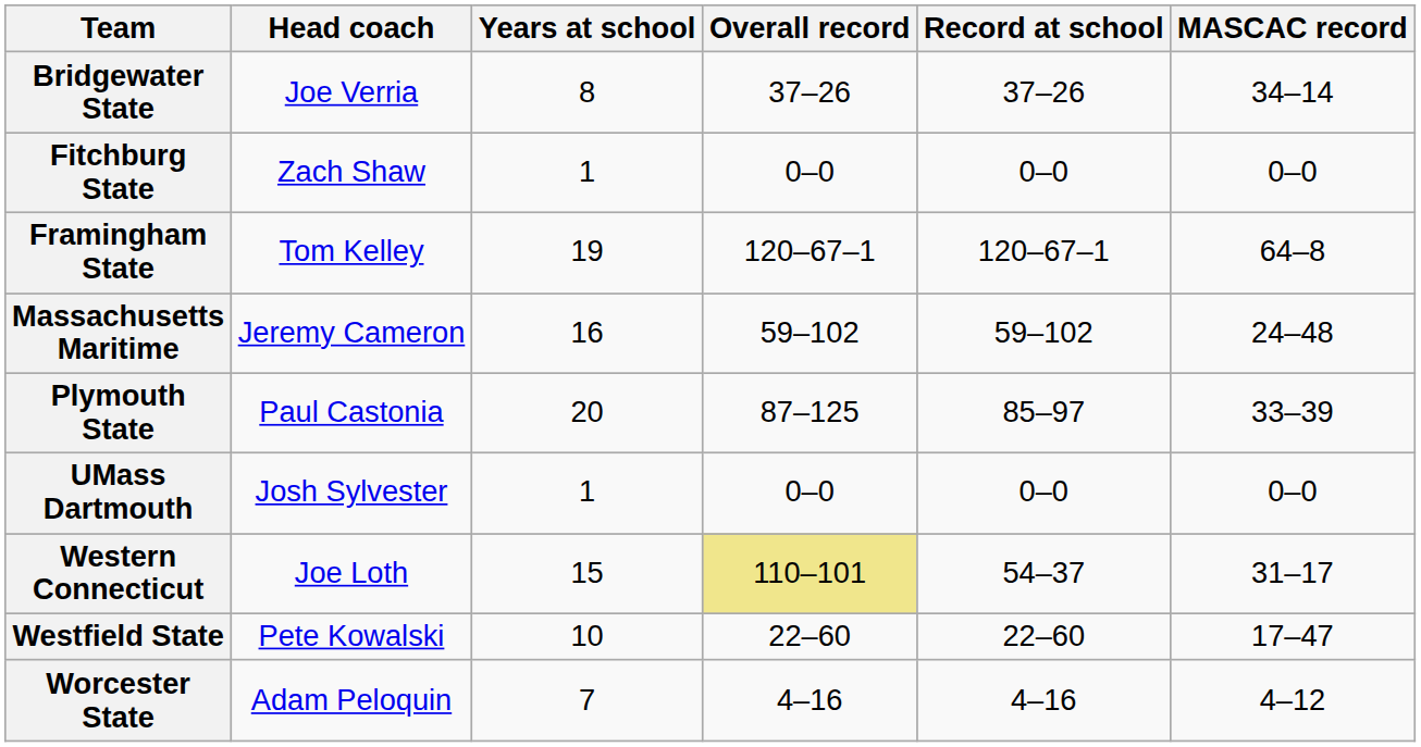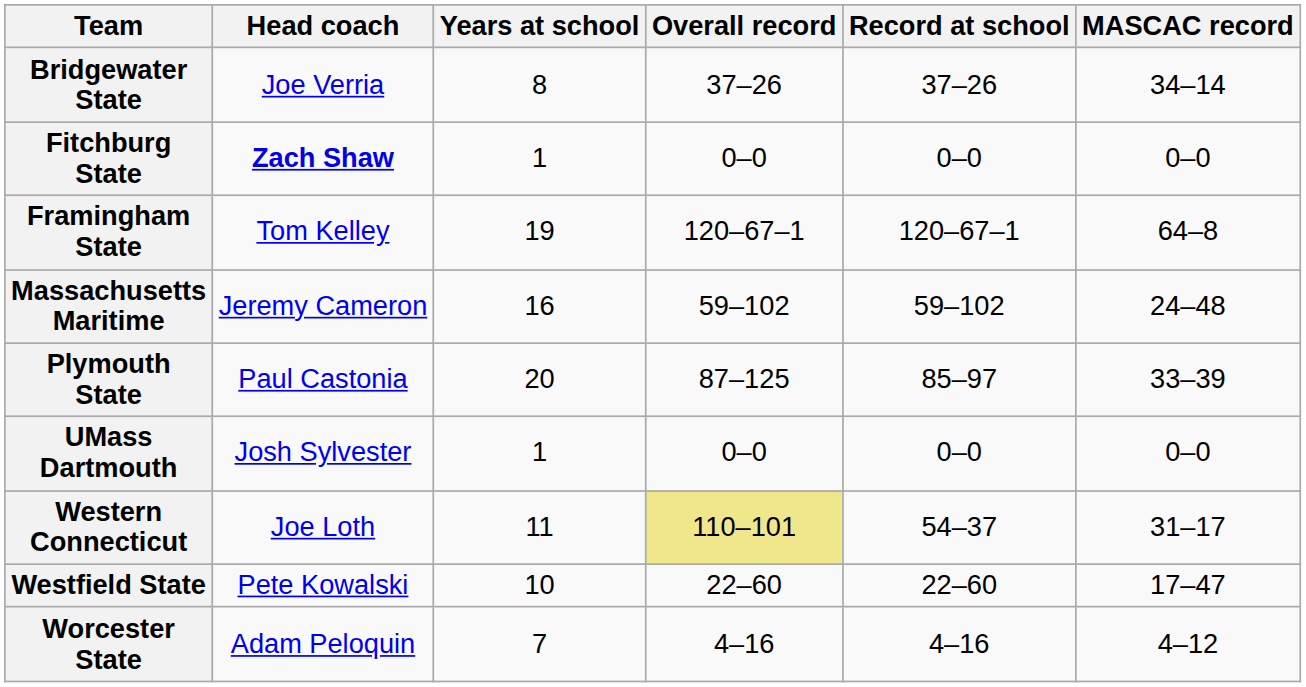 <table class="wikitable sortable" style="text-align: center;">
 <tr>
 <th style="width:110px;">Team</th>
 <th>Head coach</th>
 <th>Years at school</th>
 <th>Overall record</th>
 <th>Record at school</th>
 <th>MASCAC record</th>
 </tr>
 <tr>
 <th>Bridgewater State</th>
 <td><a href='#'>Joe Verria</a></td>
 <td>8</td>
 <td>37–26</td>
 <td>37–26</td>
 <td>34–14</td>
 </tr>
 <tr>
 <th>Fitchburg State</th>
-<td><a href='#'>Zach Shaw</a></td>
+<td><strong><a href='#'>Zach Shaw</a></strong></td>
 <td>1</td>
 <td>0–0</td>
 <td>0–0</td>
 <td>0–0</td>
 </tr>
 <tr>
 <th>Framingham State</th>
 <td><a href='#'>Tom Kelley</a></td>
 <td>19</td>
 <td>120–67–1</td>
 <td>120–67–1</td>
 <td>64–8</td>
 </tr>
 <tr>
 <th>Massachusetts Maritime</th>
 <td><a href='#'>Jeremy Cameron</a></td>
 <td>16</td>
 <td>59–102</td>
 <td>59–102</td>
 <td>24–48</td>
 </tr>
 <tr>
 <th>Plymouth State</th>
 <td><a href='#'>Paul Castonia</a></td>
 <td>20</td>
 <td>87–125</td>
 <td>85–97</td>
 <td>33–39</td>
 </tr>
 <tr>
 <th>UMass Dartmouth</th>
 <td><a href='#'>Josh Sylvester</a></td>
 <td>1</td>
 <td>0–0</td>
 <td>0–0</td>
 <td>0–0</td>
 </tr>
 <tr>
 <th>Western Connecticut</th>
 <td><a href='#'>Joe Loth</a></td>
-<td>15</td>
+<td>11</td>
 <td style="background: khaki;">110–101</td>
 <td>54–37</td>
 <td>31–17</td>
 </tr>
 <tr>
 <th>Westfield State</th>
 <td><a href='#'>Pete Kowalski</a></td>
 <td>10</td>
 <td>22–60</td>
 <td>22–60</td>
 <td>17–47</td>
 </tr>
 <tr>
 <th>Worcester State</th>
 <td><a href='#'>Adam Peloquin</a></td>
 <td>7</td>
 <td>4–16</td>
 <td>4–16</td>
 <td>4–12</td>
 </tr>
 </table>
